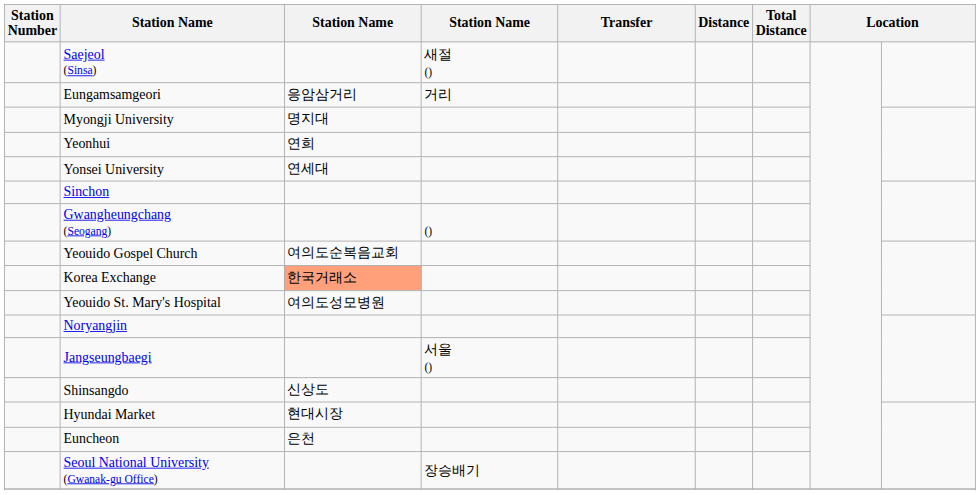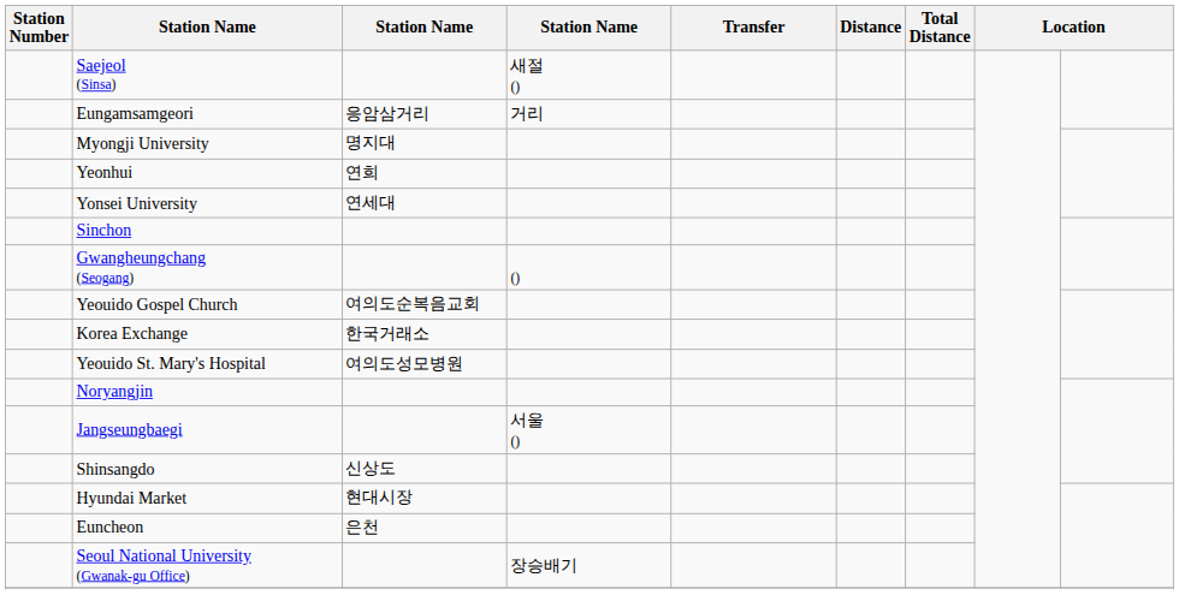 <table class="wikitable">
 <tr>
 <th>Station<br>Number</th>
 <th width = "250pt">Station Name<br></th>
 <th width = "150pt">Station Name<br></th>
 <th width = "150pt">Station Name<br></th>
 <th width = "150pt">Transfer</th>
 <th>Distance<br></th>
 <th>Total<br>Distance</th>
 <th colspan = "3">Location</th>
 </tr>
 <tr>
 <td></td>
 <td><a href='#'>Saejeol</a> <br><small>(<a href='#'>Sinsa</a>)</small></td>
 <td></td>
 <td>새절 <br><small>()</small></td>
 <td></td>
 <td></td>
 <td></td>
 <td rowspan = "16" width = "75pt"></td>
 <td rowspan = "2" width = "100pt"></td>
 </tr>
 <tr>
 <td></td>
 <td>Eungamsamgeori</td>
 <td>응암삼거리</td>
 <td>거리</td>
 <td></td>
 <td></td>
 <td></td>
 </tr>
 <tr>
 <td></td>
 <td>Myongji University</td>
 <td>명지대</td>
 <td></td>
 <td></td>
 <td></td>
 <td></td>
 <td rowspan = "3" width = "100pt"></td>
 </tr>
 <tr>
 <td></td>
 <td>Yeonhui</td>
 <td>연희</td>
 <td></td>
 <td></td>
 <td></td>
 <td></td>
 </tr>
 <tr>
 <td></td>
 <td>Yonsei University</td>
 <td>연세대</td>
 <td></td>
 <td></td>
 <td></td>
 <td></td>
 </tr>
 <tr>
 <td></td>
 <td><a href='#'>Sinchon</a></td>
 <td></td>
 <td></td>
 <td></td>
 <td></td>
 <td></td>
 <td rowspan = "2" width = "100pt"></td>
 </tr>
 <tr>
 <td></td>
 <td><a href='#'>Gwangheungchang</a> <br><small>(<a href='#'>Seogang</a>)</small></td>
 <td></td>
 <td> <br><small>()</small></td>
 <td></td>
 <td></td>
 <td></td>
 </tr>
 <tr>
 <td></td>
 <td>Yeouido Gospel Church</td>
 <td>여의도순복음교회</td>
 <td></td>
 <td></td>
 <td></td>
 <td></td>
 <td rowspan = "3" width = "100pt"></td>
 </tr>
 <tr>
 <td></td>
 <td>Korea Exchange</td>
-<td style="background: lightsalmon;">한국거래소</td>
+<td>한국거래소</td>
 <td></td>
 <td></td>
 <td></td>
 <td></td>
 </tr>
 <tr>
 <td></td>
 <td>Yeouido St. Mary's Hospital</td>
 <td>여의도성모병원</td>
 <td></td>
 <td></td>
 <td></td>
 <td></td>
 </tr>
 <tr>
 <td></td>
 <td><a href='#'>Noryangjin</a></td>
 <td></td>
 <td></td>
 <td> </td>
 <td></td>
 <td></td>
 <td rowspan = "3" width = "100pt"></td>
 </tr>
 <tr>
 <td></td>
 <td><a href='#'>Jangseungbaegi</a></td>
 <td></td>
 <td>서울 <br><small>()</small></td>
 <td></td>
 <td></td>
 <td></td>
 </tr>
 <tr>
 <td></td>
 <td>Shinsangdo</td>
 <td>신상도</td>
 <td></td>
 <td></td>
 <td></td>
 <td></td>
 </tr>
 <tr>
 <td></td>
 <td>Hyundai Market</td>
 <td>현대시장</td>
 <td></td>
 <td></td>
 <td></td>
 <td></td>
 <td rowspan = "3" width = "100pt"></td>
 </tr>
 <tr>
 <td></td>
 <td>Euncheon</td>
 <td>은천</td>
 <td></td>
 <td></td>
 <td></td>
 <td></td>
 </tr>
 <tr>
 <td></td>
 <td><a href='#'>Seoul National University</a> <br><small>(<a href='#'>Gwanak-gu Office</a>)</small></td>
 <td></td>
 <td>장승배기</td>
 <td></td>
 <td></td>
 <td></td>
 </tr>
 <tr>
 </tr>
 <tr>
 </tr>
 </table>
